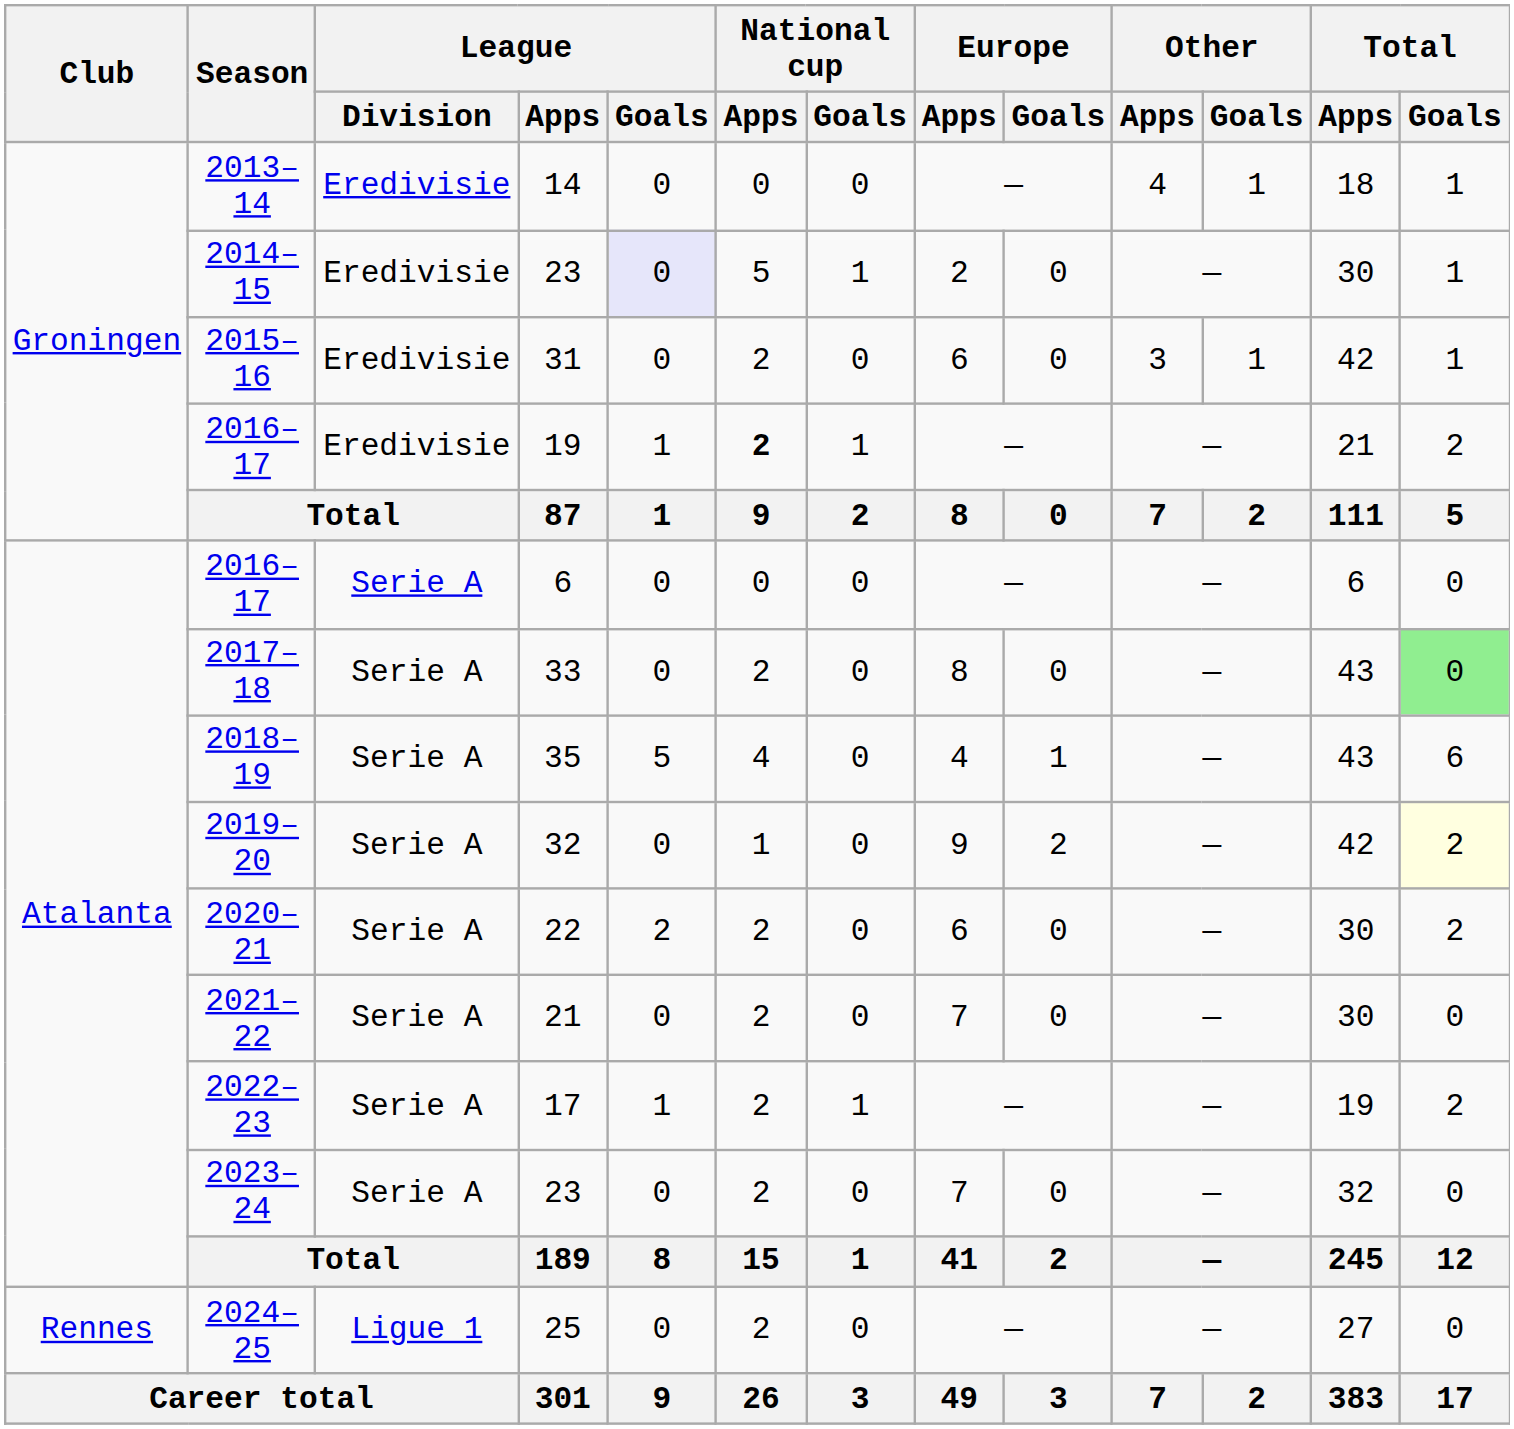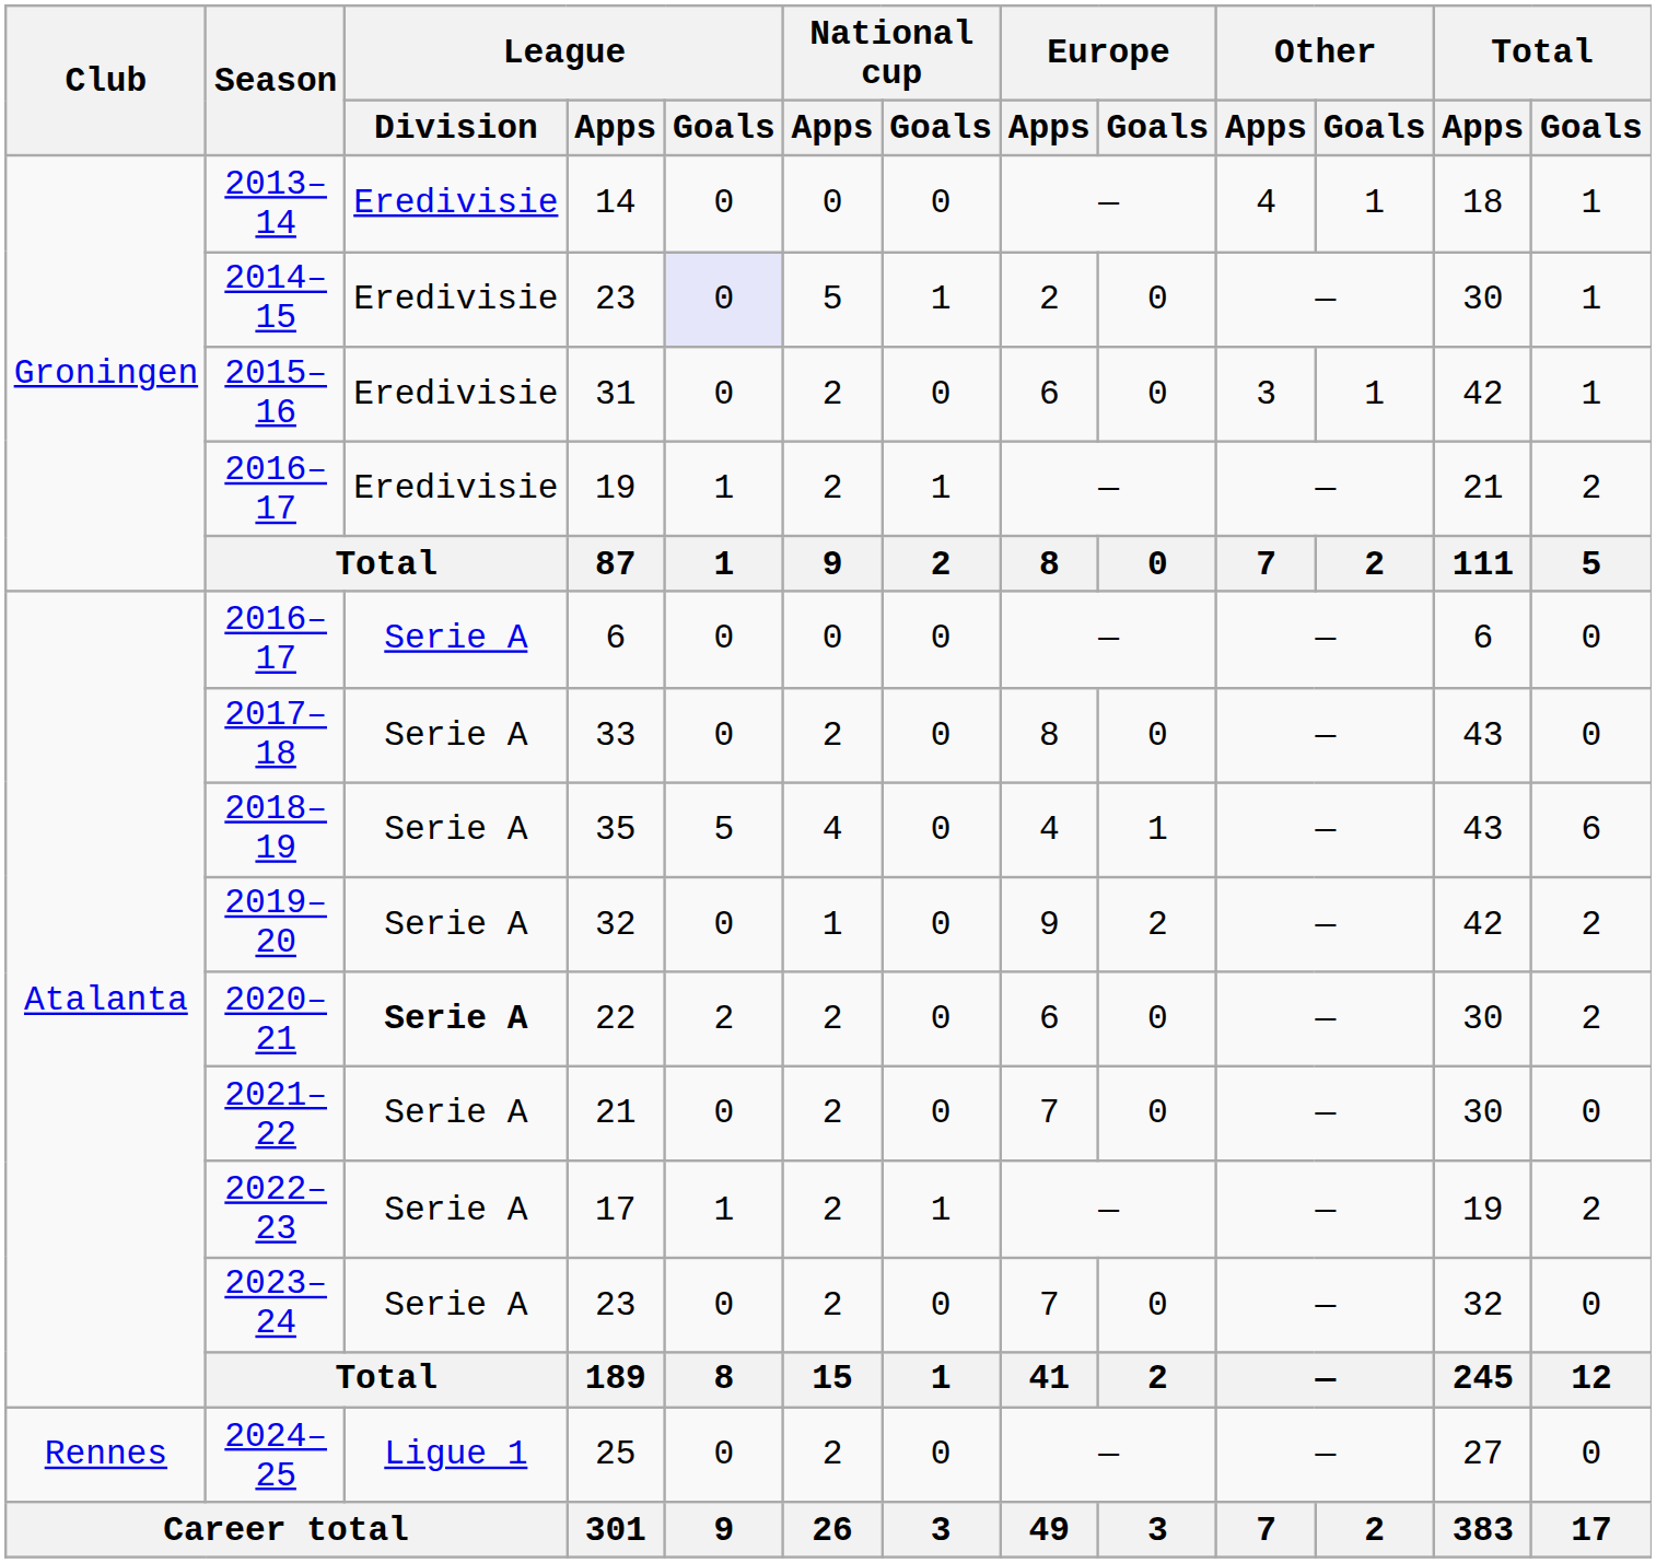 <table class="wikitable" style="text-align: center">
 <tr>
 <th rowspan="2">Club</th>
 <th rowspan="2">Season</th>
 <th colspan="3">League</th>
 <th colspan="2">National cup</th>
 <th colspan="2">Europe</th>
 <th colspan="2">Other</th>
 <th colspan="2">Total</th>
 </tr>
 <tr>
 <th>Division</th>
 <th>Apps</th>
 <th>Goals</th>
 <th>Apps</th>
 <th>Goals</th>
 <th>Apps</th>
 <th>Goals</th>
 <th>Apps</th>
 <th>Goals</th>
 <th>Apps</th>
 <th>Goals</th>
 </tr>
 <tr>
 <td rowspan="5"><a href='#'>Groningen</a></td>
 <td><a href='#'>2013–14</a></td>
 <td><a href='#'>Eredivisie</a></td>
 <td>14</td>
 <td>0</td>
 <td>0</td>
 <td>0</td>
 <td colspan="2">—</td>
 <td>4</td>
 <td>1</td>
 <td>18</td>
 <td>1</td>
 </tr>
 <tr>
 <td><a href='#'>2014–15</a></td>
 <td>Eredivisie</td>
 <td>23</td>
 <td style="background: lavender;">0</td>
 <td>5</td>
 <td>1</td>
 <td>2</td>
 <td>0</td>
 <td colspan="2">—</td>
 <td>30</td>
 <td>1</td>
 </tr>
 <tr>
 <td><a href='#'>2015–16</a></td>
 <td>Eredivisie</td>
 <td>31</td>
 <td>0</td>
 <td>2</td>
 <td>0</td>
 <td>6</td>
 <td>0</td>
 <td>3</td>
 <td>1</td>
 <td>42</td>
 <td>1</td>
 </tr>
 <tr>
 <td><a href='#'>2016–17</a></td>
 <td>Eredivisie</td>
 <td>19</td>
 <td>1</td>
-<td><strong>2</strong></td>
+<td>2</td>
 <td>1</td>
 <td colspan="2">—</td>
 <td colspan="2">—</td>
 <td>21</td>
 <td>2</td>
 </tr>
 <tr>
 <th colspan="2">Total</th>
 <th>87</th>
 <th>1</th>
 <th>9</th>
 <th>2</th>
 <th>8</th>
 <th>0</th>
 <th>7</th>
 <th>2</th>
 <th>111</th>
 <th>5</th>
 </tr>
 <tr>
 <td rowspan="9"><a href='#'>Atalanta</a></td>
 <td><a href='#'>2016–17</a></td>
 <td><a href='#'>Serie A</a></td>
 <td>6</td>
 <td>0</td>
 <td>0</td>
 <td>0</td>
 <td colspan="2">—</td>
 <td colspan="2">—</td>
 <td>6</td>
 <td>0</td>
 </tr>
 <tr>
 <td><a href='#'>2017–18</a></td>
 <td>Serie A</td>
 <td>33</td>
 <td>0</td>
 <td>2</td>
 <td>0</td>
 <td>8</td>
 <td>0</td>
 <td colspan="2">—</td>
 <td>43</td>
-<td style="background: lightgreen;">0</td>
+<td>0</td>
 </tr>
 <tr>
 <td><a href='#'>2018–19</a></td>
 <td>Serie A</td>
 <td>35</td>
 <td>5</td>
 <td>4</td>
 <td>0</td>
 <td>4</td>
 <td>1</td>
 <td colspan="2">—</td>
 <td>43</td>
 <td>6</td>
 </tr>
 <tr>
 <td><a href='#'>2019–20</a></td>
 <td>Serie A</td>
 <td>32</td>
 <td>0</td>
 <td>1</td>
 <td>0</td>
 <td>9</td>
 <td>2</td>
 <td colspan="2">—</td>
 <td>42</td>
-<td style="background: lightyellow;">2</td>
+<td>2</td>
 </tr>
 <tr>
 <td><a href='#'>2020–21</a></td>
-<td>Serie A</td>
+<td><strong>Serie A</strong></td>
 <td>22</td>
 <td>2</td>
 <td>2</td>
 <td>0</td>
 <td>6</td>
 <td>0</td>
 <td colspan="2">—</td>
 <td>30</td>
 <td>2</td>
 </tr>
 <tr>
 <td><a href='#'>2021–22</a></td>
 <td>Serie A</td>
 <td>21</td>
 <td>0</td>
 <td>2</td>
 <td>0</td>
 <td>7</td>
 <td>0</td>
 <td colspan="2">—</td>
 <td>30</td>
 <td>0</td>
 </tr>
 <tr>
 <td><a href='#'>2022–23</a></td>
 <td>Serie A</td>
 <td>17</td>
 <td>1</td>
 <td>2</td>
 <td>1</td>
 <td colspan="2">—</td>
 <td colspan="2">—</td>
 <td>19</td>
 <td>2</td>
 </tr>
 <tr>
 <td><a href='#'>2023–24</a></td>
 <td>Serie A</td>
 <td>23</td>
 <td>0</td>
 <td>2</td>
 <td>0</td>
 <td>7</td>
 <td>0</td>
 <td colspan="2">—</td>
 <td>32</td>
 <td>0</td>
 </tr>
 <tr>
 <th colspan="2">Total</th>
 <th>189</th>
 <th>8</th>
 <th>15</th>
 <th>1</th>
 <th>41</th>
 <th>2</th>
 <th colspan="2">—</th>
 <th>245</th>
 <th>12</th>
 </tr>
 <tr>
 <td><a href='#'>Rennes</a></td>
 <td><a href='#'>2024–25</a></td>
 <td><a href='#'>Ligue 1</a></td>
 <td>25</td>
 <td>0</td>
 <td>2</td>
 <td>0</td>
 <td colspan="2">—</td>
 <td colspan="2">—</td>
 <td>27</td>
 <td>0</td>
 </tr>
 <tr>
 <th colspan="3">Career total</th>
 <th>301</th>
 <th>9</th>
 <th>26</th>
 <th>3</th>
 <th>49</th>
 <th>3</th>
 <th>7</th>
 <th>2</th>
 <th>383</th>
 <th>17</th>
 </tr>
 </table>
